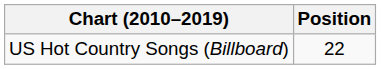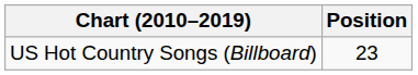 <table class="wikitable">
 <tr>
 <th>Chart (2010–2019)</th>
 <th>Position</th>
 </tr>
 <tr>
 <td>US Hot Country Songs (<em>Billboard</em>)</td>
-<td style="text-align:center;">22</td>
+<td style="text-align:center;">23</td>
 </tr>
 </table>
